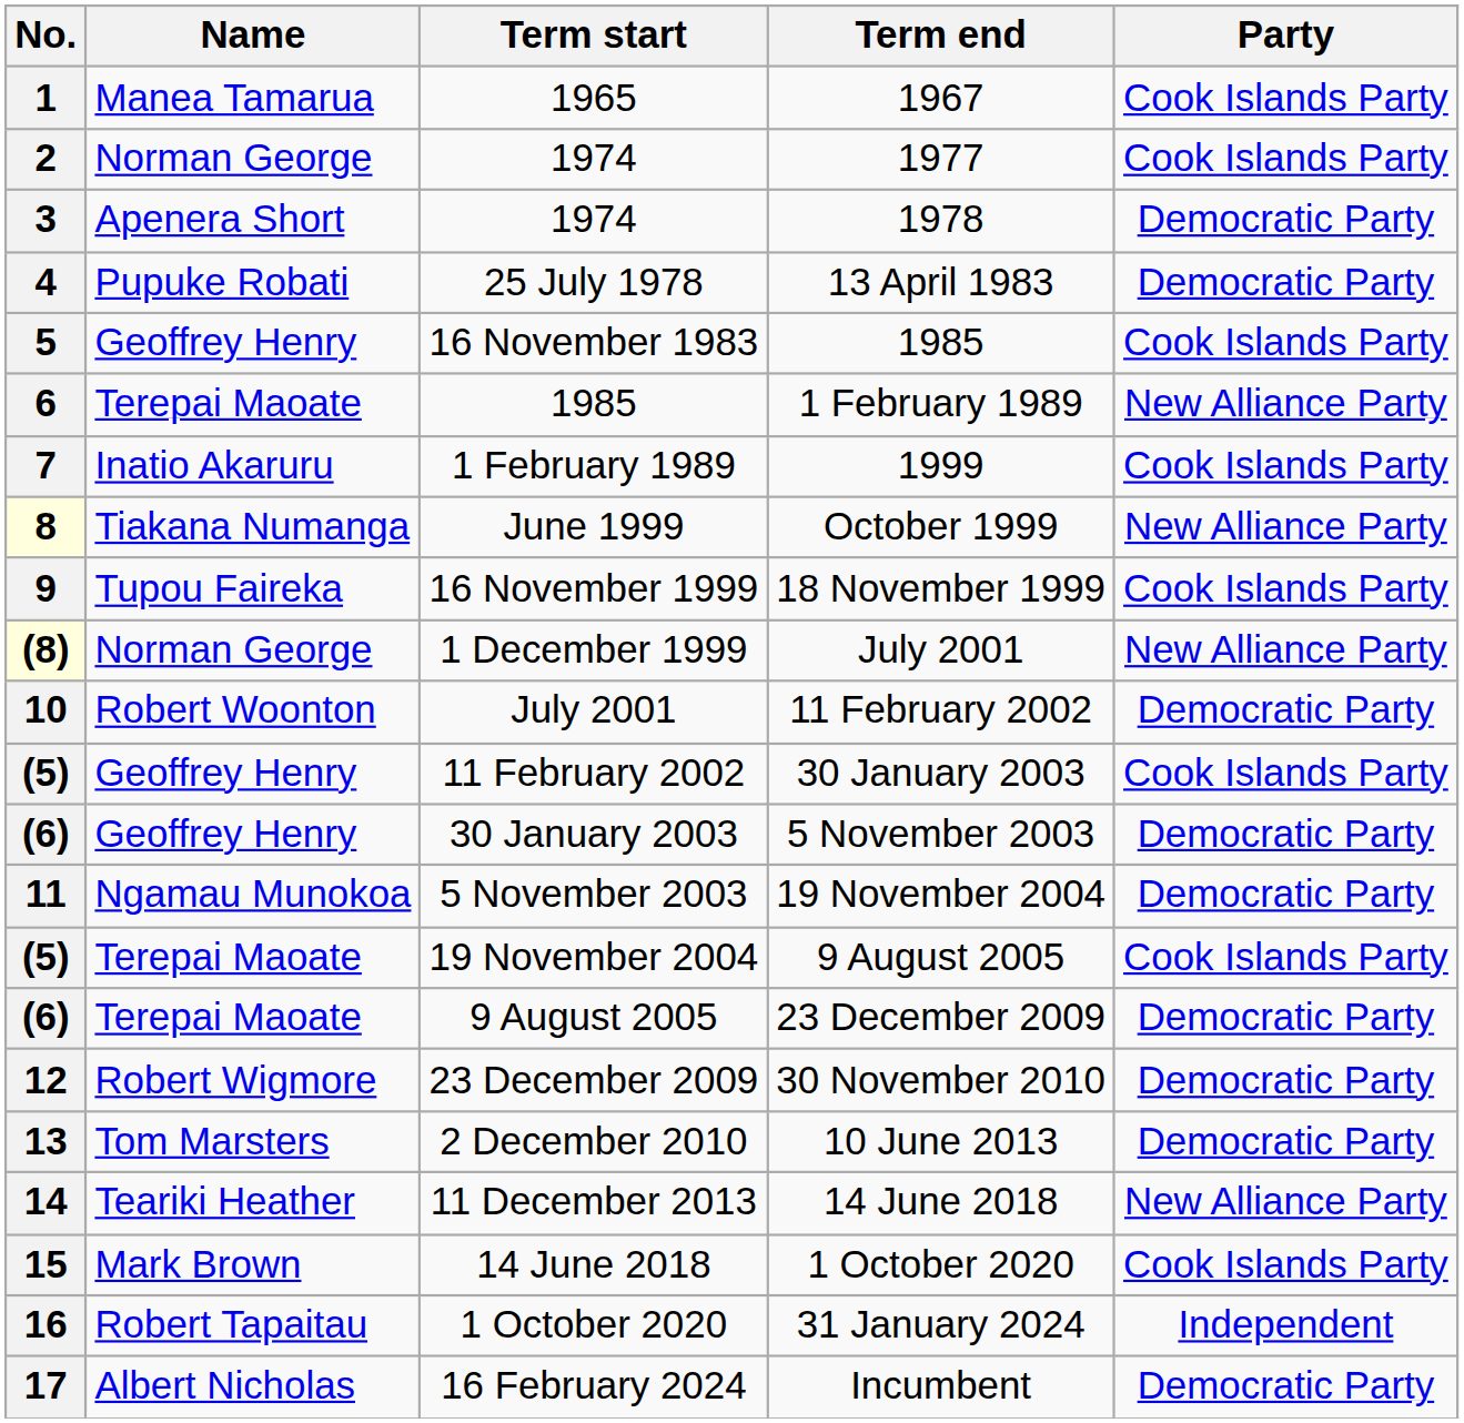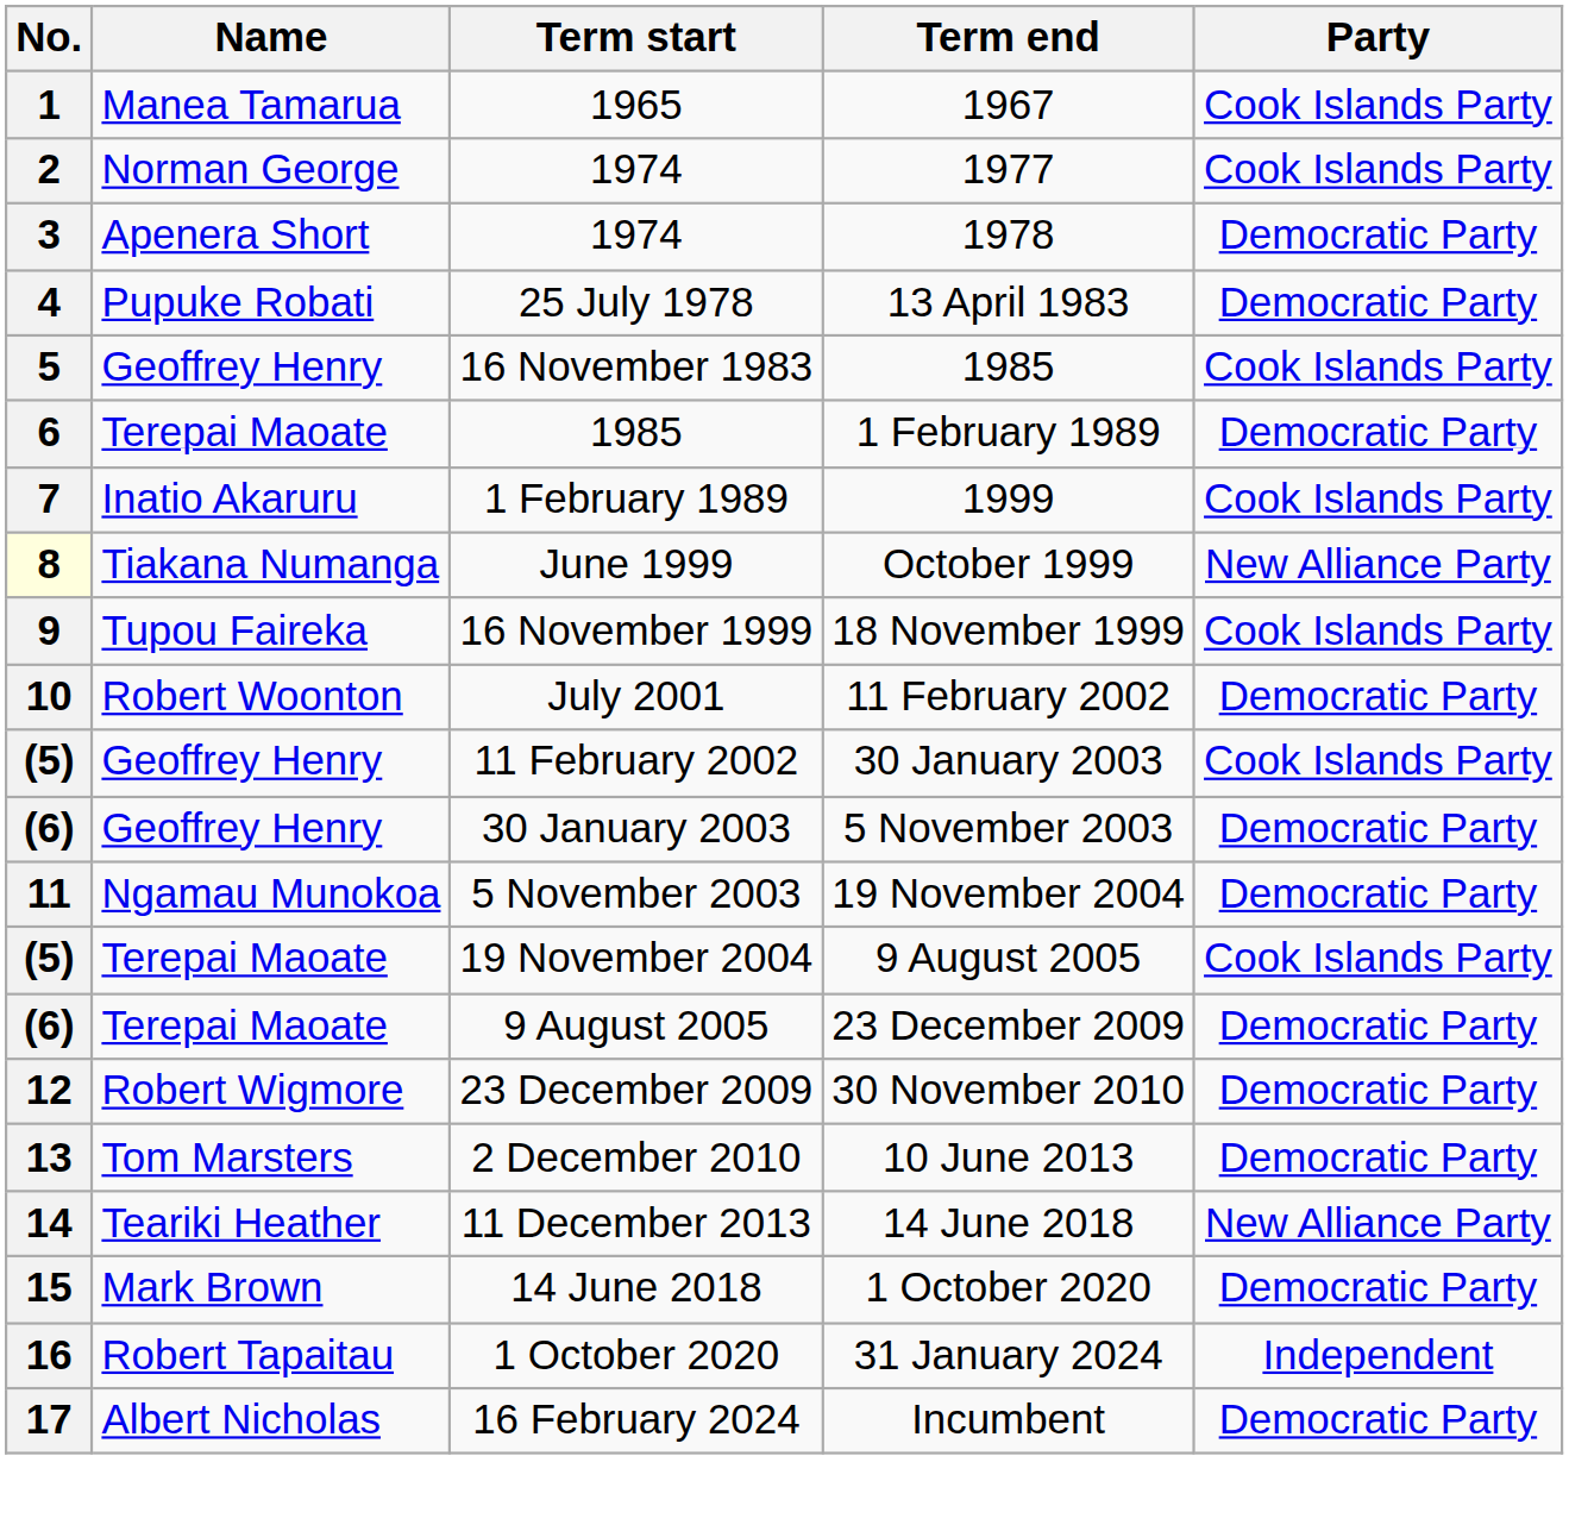 <table class=wikitable style=text-align:center>
 <tr>
 <th>No.</th>
 <th>Name</th>
 <th>Term start</th>
 <th>Term end</th>
 <th>Party</th>
 </tr>
 <tr>
 <th style="background:">1</th>
 <td align=left><a href='#'>Manea Tamarua</a></td>
 <td>1965</td>
 <td>1967</td>
 <td><a href='#'>Cook Islands Party</a></td>
 </tr>
 <tr>
 <th style="background:">2</th>
 <td align=left><a href='#'>Norman George</a></td>
 <td>1974</td>
 <td>1977</td>
 <td><a href='#'>Cook Islands Party</a></td>
 </tr>
 <tr>
 <th style="background:">3</th>
 <td align=left><a href='#'>Apenera Short</a></td>
 <td>1974</td>
 <td>1978</td>
 <td><a href='#'>Democratic Party</a></td>
 </tr>
 <tr>
 <th style="background:">4</th>
 <td align=left><a href='#'>Pupuke Robati</a></td>
 <td>25 July 1978</td>
 <td>13 April 1983</td>
 <td><a href='#'>Democratic Party</a></td>
 </tr>
 <tr>
 <th style="background:">5</th>
 <td align=left><a href='#'>Geoffrey Henry</a></td>
 <td>16 November 1983</td>
 <td>1985</td>
 <td><a href='#'>Cook Islands Party</a></td>
 </tr>
 <tr>
 <th style="background:">6</th>
 <td align=left><a href='#'>Terepai Maoate</a></td>
 <td>1985</td>
 <td>1 February 1989</td>
-<td><a href='#'>New Alliance Party</a></td>
+<td><a href='#'>Democratic Party</a></td>
 </tr>
 <tr>
 <th style="background:">7</th>
 <td align=left><a href='#'>Inatio Akaruru</a></td>
 <td>1 February 1989</td>
 <td>1999</td>
 <td><a href='#'>Cook Islands Party</a></td>
 </tr>
 <tr>
 <th style="background:#FFFFDD">8</th>
 <td align=left><a href='#'>Tiakana Numanga</a></td>
 <td>June 1999</td>
 <td>October 1999</td>
 <td><a href='#'>New Alliance Party</a></td>
 </tr>
 <tr>
 <th style="background:">9</th>
 <td align=left><a href='#'>Tupou Faireka</a></td>
 <td>16 November 1999</td>
 <td>18 November 1999</td>
 <td><a href='#'>Cook Islands Party</a></td>
-</tr>
-<tr>
-<th style="background:#FFFFDD">(8)</th>
-<td align=left><a href='#'>Norman George</a></td>
-<td>1 December 1999</td>
-<td>July 2001</td>
-<td><a href='#'>New Alliance Party</a></td>
 </tr>
 <tr>
 <th style="background:">10</th>
 <td align=left><a href='#'>Robert Woonton</a></td>
 <td>July 2001</td>
 <td>11 February 2002</td>
 <td><a href='#'>Democratic Party</a></td>
 </tr>
 <tr>
 <th style="background:">(5)</th>
 <td align=left><a href='#'>Geoffrey Henry</a></td>
 <td>11 February 2002</td>
 <td>30 January 2003</td>
 <td><a href='#'>Cook Islands Party</a></td>
 </tr>
 <tr>
 <th style="background:">(6)</th>
 <td align=left><a href='#'>Geoffrey Henry</a></td>
 <td>30 January 2003</td>
 <td>5 November 2003</td>
 <td><a href='#'>Democratic Party</a></td>
 </tr>
 <tr>
 <th style="background:">11</th>
 <td align=left><a href='#'>Ngamau Munokoa</a></td>
 <td>5 November 2003</td>
 <td>19 November 2004</td>
 <td><a href='#'>Democratic Party</a></td>
 </tr>
 <tr>
 <th style="background:">(5)</th>
 <td align=left><a href='#'>Terepai Maoate</a></td>
 <td>19 November 2004</td>
 <td>9 August 2005</td>
 <td><a href='#'>Cook Islands Party</a></td>
 </tr>
 <tr>
 <th style="background:">(6)</th>
 <td align=left><a href='#'>Terepai Maoate</a></td>
 <td>9 August 2005</td>
 <td>23 December 2009</td>
 <td><a href='#'>Democratic Party</a></td>
 </tr>
 <tr>
 <th style="background:">12</th>
 <td align=left><a href='#'>Robert Wigmore</a></td>
 <td>23 December 2009</td>
 <td>30 November 2010</td>
 <td><a href='#'>Democratic Party</a></td>
 </tr>
 <tr>
 <th style="background:">13</th>
 <td align=left><a href='#'>Tom Marsters</a></td>
 <td>2 December 2010</td>
 <td>10 June 2013</td>
 <td><a href='#'>Democratic Party</a></td>
 </tr>
 <tr>
 <th style="background:">14</th>
 <td align=left><a href='#'>Teariki Heather</a></td>
 <td>11 December 2013</td>
 <td>14 June 2018</td>
 <td><a href='#'>New Alliance Party</a></td>
 </tr>
 <tr>
 <th style="background:">15</th>
 <td align=left><a href='#'>Mark Brown</a></td>
 <td>14 June 2018</td>
 <td>1 October 2020</td>
-<td><a href='#'>Cook Islands Party</a></td>
+<td><a href='#'>Democratic Party</a></td>
 </tr>
 <tr>
 <th style="background:">16</th>
 <td align=left><a href='#'>Robert Tapaitau</a></td>
 <td>1 October 2020</td>
 <td>31 January 2024</td>
 <td><a href='#'>Independent</a></td>
 </tr>
 <tr>
 <th style="background:">17</th>
 <td align=left><a href='#'>Albert Nicholas</a></td>
 <td>16 February 2024</td>
 <td>Incumbent</td>
 <td><a href='#'>Democratic Party</a></td>
 </tr>
 </table>
